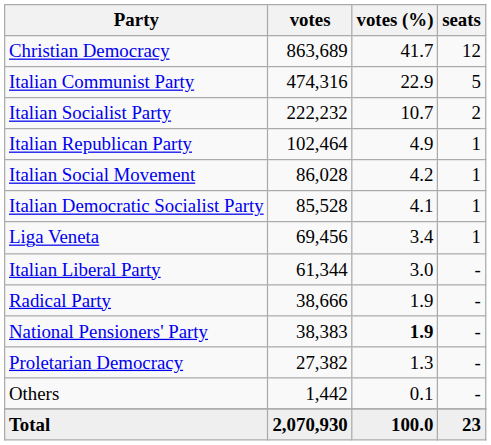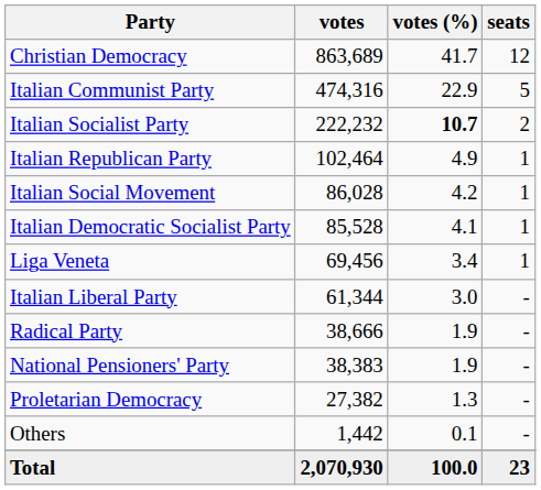 <table class="wikitable" style="font-size:95%">
 <tr bgcolor="EFEFEF">
 <th>Party</th>
 <th>votes</th>
 <th>votes (%)</th>
 <th>seats</th>
 </tr>
 <tr>
 <td><a href='#'>Christian Democracy</a></td>
 <td align=right>863,689</td>
 <td align=right>41.7</td>
 <td align=right>12</td>
 </tr>
 <tr>
 <td><a href='#'>Italian Communist Party</a></td>
 <td align=right>474,316</td>
 <td align=right>22.9</td>
 <td align=right>5</td>
 </tr>
 <tr>
 <td><a href='#'>Italian Socialist Party</a></td>
 <td align=right>222,232</td>
-<td align=right>10.7</td>
+<td align=right><strong>10.7</strong></td>
 <td align=right>2</td>
 </tr>
 <tr>
 <td><a href='#'>Italian Republican Party</a></td>
 <td align=right>102,464</td>
 <td align=right>4.9</td>
 <td align=right>1</td>
 </tr>
 <tr>
 <td><a href='#'>Italian Social Movement</a></td>
 <td align=right>86,028</td>
 <td align=right>4.2</td>
 <td align=right>1</td>
 </tr>
 <tr>
 <td><a href='#'>Italian Democratic Socialist Party</a></td>
 <td align=right>85,528</td>
 <td align=right>4.1</td>
 <td align=right>1</td>
 </tr>
 <tr>
 <td><a href='#'>Liga Veneta</a></td>
 <td align=right>69,456</td>
 <td align=right>3.4</td>
 <td align=right>1</td>
 </tr>
 <tr>
 <td><a href='#'>Italian Liberal Party</a></td>
 <td align=right>61,344</td>
 <td align=right>3.0</td>
 <td align=right>-</td>
 </tr>
 <tr>
 <td><a href='#'>Radical Party</a></td>
 <td align=right>38,666</td>
 <td align=right>1.9</td>
 <td align=right>-</td>
 </tr>
 <tr>
 <td><a href='#'>National Pensioners' Party</a></td>
 <td align=right>38,383</td>
-<td align=right><strong>1.9</strong></td>
+<td align=right>1.9</td>
 <td align=right>-</td>
 </tr>
 <tr>
 <td><a href='#'>Proletarian Democracy</a></td>
 <td align=right>27,382</td>
 <td align=right>1.3</td>
 <td align=right>-</td>
 </tr>
 <tr>
 <td>Others</td>
 <td align=right>1,442</td>
 <td align=right>0.1</td>
 <td align=right>-</td>
 </tr>
 <tr>
 </tr>
 <tr bgcolor="EFEFEF">
 <td><strong>Total</strong></td>
 <td align=right><strong>2,070,930</strong></td>
 <td align=right><strong>100.0</strong></td>
 <td align=right><strong>23</strong></td>
 </tr>
 </table>
